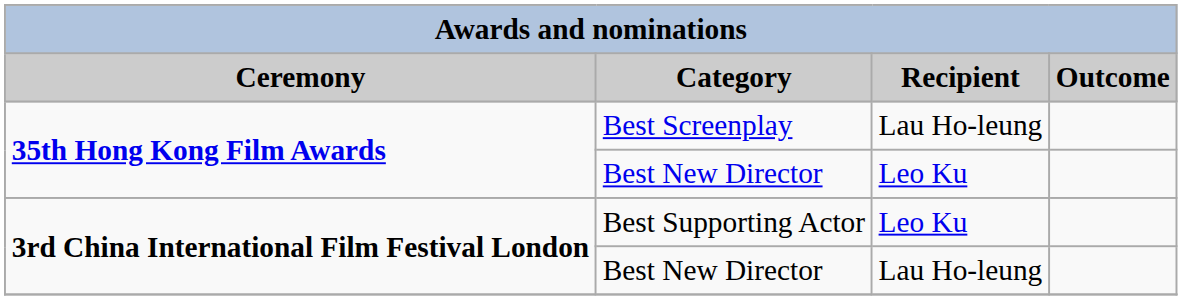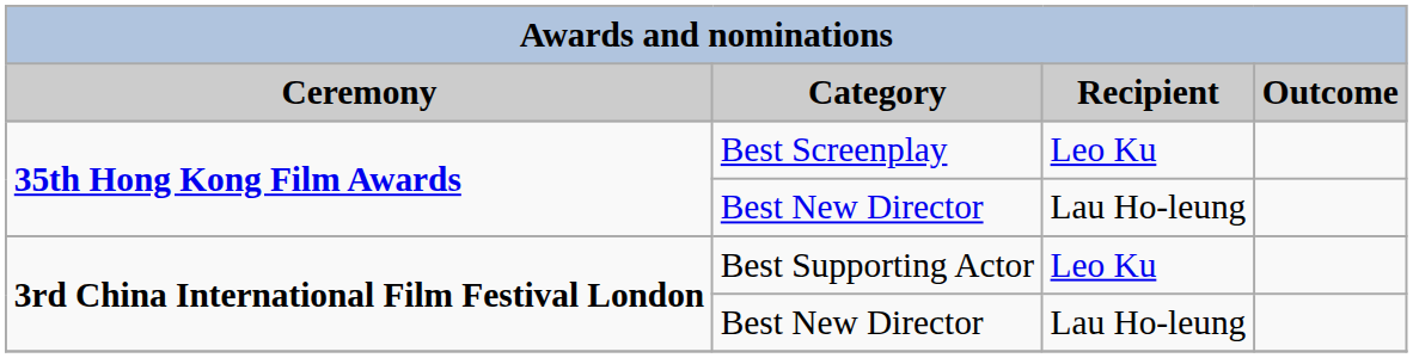 <table class="wikitable" style="font-size:95%;" ;>
 <tr style="background:#ccc; text-align:center;">
 <th colspan="4" style="background: LightSteelBlue;">Awards and nominations</th>
 </tr>
 <tr style="background:#ccc; text-align:center;">
 <th style="background:#ccc">Ceremony</th>
 <th style="background:#ccc">Category</th>
 <th style="background:#ccc">Recipient</th>
 <th style="background:#ccc">Outcome</th>
 </tr>
 <tr>
 <td rowspan=2><strong><a href='#'>35th Hong Kong Film Awards</a></strong></td>
 <td><a href='#'>Best Screenplay</a></td>
-<td>Lau Ho-leung</td>
+<td><a href='#'>Leo Ku</a></td>
 <td></td>
 </tr>
 <tr>
 <td><a href='#'>Best New Director</a></td>
-<td><a href='#'>Leo Ku</a></td>
+<td>Lau Ho-leung</td>
 <td></td>
 </tr>
 <tr>
 <td rowspan=2><strong>3rd China International Film Festival London</strong></td>
 <td>Best Supporting Actor</td>
 <td><a href='#'>Leo Ku</a></td>
 <td></td>
 </tr>
 <tr>
 <td>Best New Director</td>
 <td>Lau Ho-leung</td>
 <td></td>
 </tr>
 <tr>
 </tr>
 </table>
